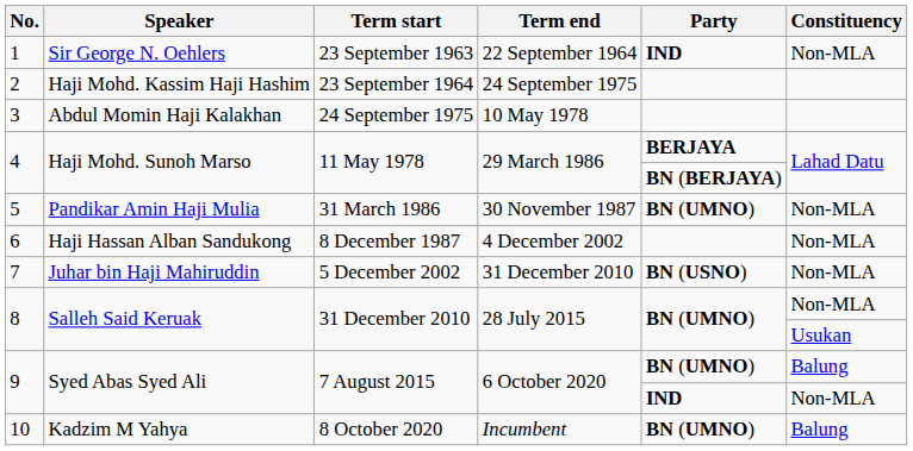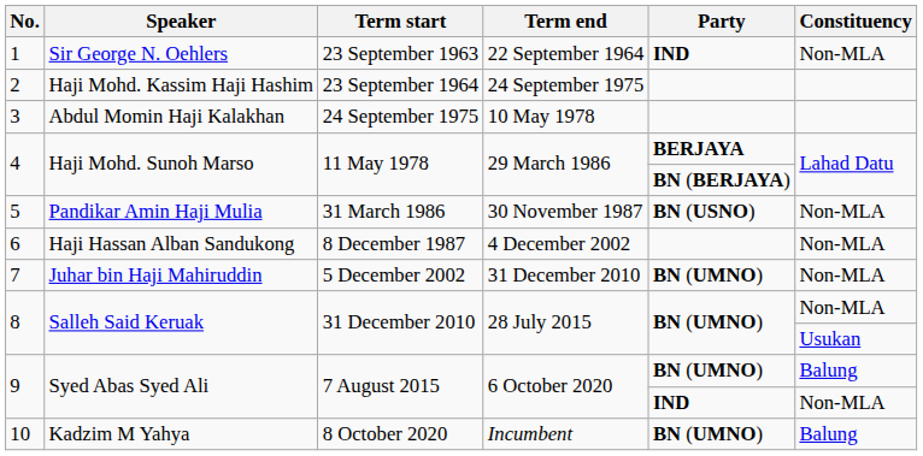 <table class="wikitable">
 <tr>
 <th>No.</th>
 <th>Speaker</th>
 <th>Term start</th>
 <th>Term end</th>
 <th>Party</th>
 <th>Constituency</th>
 </tr>
 <tr>
 <td>1</td>
 <td><a href='#'>Sir George N. Oehlers</a></td>
 <td>23 September 1963</td>
 <td>22 September 1964</td>
 <td><strong>IND</strong></td>
 <td>Non-MLA</td>
 </tr>
 <tr>
 <td>2</td>
 <td>Haji Mohd. Kassim Haji Hashim</td>
 <td>23 September 1964</td>
 <td>24 September 1975</td>
 <td></td>
 <td></td>
 </tr>
 <tr>
 <td>3</td>
 <td>Abdul Momin Haji Kalakhan</td>
 <td>24 September 1975</td>
 <td>10 May 1978</td>
 <td></td>
 <td></td>
 </tr>
 <tr>
 <td rowspan=2>4</td>
 <td rowspan=2>Haji Mohd. Sunoh Marso</td>
 <td rowspan=2>11 May 1978</td>
 <td rowspan=2>29 March 1986</td>
 <td><strong>BERJAYA</strong></td>
 <td rowspan=2><a href='#'>Lahad Datu</a></td>
 </tr>
 <tr>
 <td><strong>BN</strong> (<strong>BERJAYA</strong>)</td>
 </tr>
 <tr>
 <td>5</td>
 <td><a href='#'>Pandikar Amin Haji Mulia</a></td>
 <td>31 March 1986</td>
 <td>30 November 1987</td>
-<td><strong>BN</strong> (<strong>UMNO</strong>)</td>
+<td><strong>BN</strong> (<strong>USNO</strong>)</td>
 <td>Non-MLA</td>
 </tr>
 <tr>
 <td>6</td>
 <td>Haji Hassan Alban Sandukong</td>
 <td>8 December 1987</td>
 <td>4 December 2002</td>
 <td></td>
 <td>Non-MLA</td>
 </tr>
 <tr>
 <td>7</td>
 <td><a href='#'>Juhar bin Haji Mahiruddin</a></td>
 <td>5 December 2002</td>
 <td>31 December 2010</td>
-<td><strong>BN</strong> (<strong>USNO</strong>)</td>
+<td><strong>BN</strong> (<strong>UMNO</strong>)</td>
 <td>Non-MLA</td>
 </tr>
 <tr>
 <td rowspan=2>8</td>
 <td rowspan=2><a href='#'>Salleh Said Keruak</a></td>
 <td rowspan=2>31 December 2010</td>
 <td rowspan=2>28 July 2015</td>
 <td rowspan=2><strong>BN</strong> (<strong>UMNO</strong>)</td>
 <td>Non-MLA</td>
 </tr>
 <tr>
 <td><a href='#'>Usukan</a></td>
 </tr>
 <tr>
 <td rowspan=2>9</td>
 <td rowspan=2>Syed Abas Syed Ali</td>
 <td rowspan=2>7 August 2015</td>
 <td rowspan=2>6 October 2020</td>
 <td><strong>BN</strong> (<strong>UMNO</strong>)</td>
 <td><a href='#'>Balung</a></td>
 </tr>
 <tr>
 <td><strong>IND</strong></td>
 <td>Non-MLA</td>
 </tr>
 <tr>
 <td>10</td>
 <td>Kadzim M Yahya</td>
 <td>8 October 2020</td>
 <td><em>Incumbent</em></td>
 <td><strong>BN</strong> (<strong>UMNO</strong>)</td>
 <td><a href='#'>Balung</a></td>
 </tr>
 </table>
